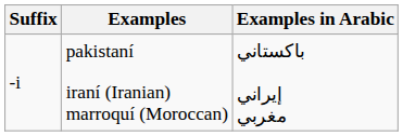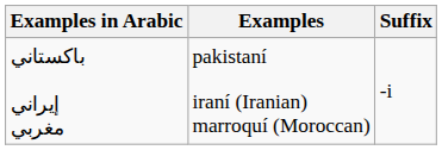 <table class="wikitable">
 <tr>
+<th>Examples in Arabic</th>
+<th>Examples</th>
 <th>Suffix</th>
-<th>Examples</th>
-<th>Examples in Arabic</th>
 </tr>
 <tr>
+<td>باكستاني <br><br>إيراني <br> مغربي</td>
+<td>pakistaní <br><br>iraní (Iranian) <br> marroquí (Moroccan)</td>
 <td>-i</td>
-<td>pakistaní <br><br>iraní (Iranian) <br> marroquí (Moroccan)</td>
-<td>باكستاني <br><br>إيراني <br> مغربي</td>
 </tr>
 </table>
